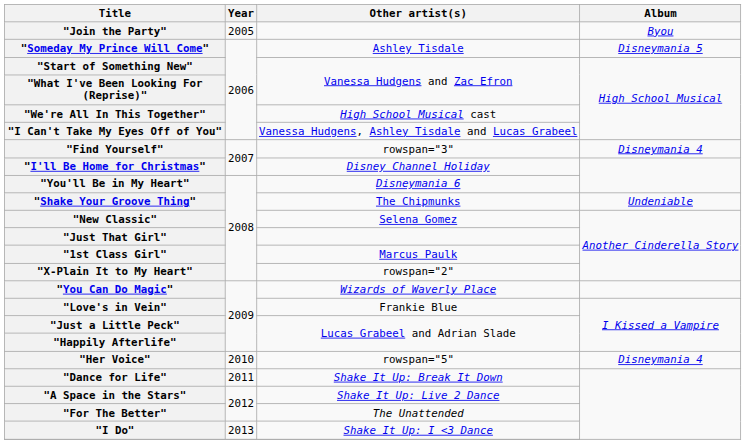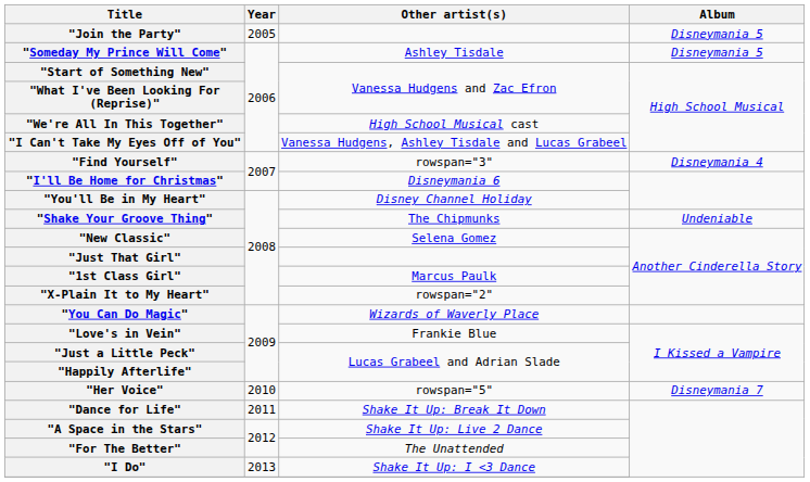 <table class="wikitable plainrowheaders" style="text-align:center;" border="1">
 <tr>
 <th scope="col" style="width:20em;">Title</th>
 <th scope="col">Year</th>
 <th scope="col">Other artist(s)</th>
 <th scope="col">Album</th>
 </tr>
 <tr>
 <th scope="row">"Join the Party"</th>
 <td>2005</td>
 <td></td>
-<td><em><a href='#'>Byou</a></em></td>
+<td><em><a href='#'>Disneymania 5</a></em></td>
 </tr>
 <tr>
 <th scope="row">"<a href='#'>Someday My Prince Will Come</a>"</th>
 <td rowspan="5">2006</td>
 <td><a href='#'>Ashley Tisdale</a></td>
 <td><em><a href='#'>Disneymania 5</a></em></td>
 </tr>
 <tr>
 <th scope="row">"Start of Something New"</th>
 <td rowspan="2"><a href='#'>Vanessa Hudgens</a> and <a href='#'>Zac Efron</a></td>
 <td rowspan="4"><em><a href='#'>High School Musical</a></em></td>
 </tr>
 <tr>
 <th scope="row">"What I've Been Looking For (Reprise)"</th>
 </tr>
 <tr>
 <th scope="row">"We're All In This Together"</th>
 <td><em><a href='#'>High School Musical</a></em> cast</td>
 </tr>
 <tr>
 <th scope="row">"I Can't Take My Eyes Off of You"</th>
 <td><a href='#'>Vanessa Hudgens</a>, <a href='#'>Ashley Tisdale</a> and <a href='#'>Lucas Grabeel</a></td>
 </tr>
 <tr>
 <th scope="row">"Find Yourself"</th>
 <td rowspan="2">2007</td>
 <td>rowspan="3" </td>
 <td><em><a href='#'>Disneymania 4</a></em></td>
 </tr>
 <tr>
 <th scope="row">"<a href='#'>I'll Be Home for Christmas</a>"</th>
-<td><em><a href='#'>Disney Channel Holiday</a></em></td>
+<td><em><a href='#'>Disneymania 6</a></em></td>
 </tr>
 <tr>
 <th scope="row">"You'll Be in My Heart"</th>
 <td rowspan="6">2008</td>
-<td><em><a href='#'>Disneymania 6</a></em></td>
+<td><em><a href='#'>Disney Channel Holiday</a></em></td>
 </tr>
 <tr>
 <th scope="row">"<a href='#'>Shake Your Groove Thing</a>"</th>
 <td><a href='#'>The Chipmunks</a></td>
 <td><em><a href='#'>Undeniable</a></em></td>
 </tr>
 <tr>
 <th scope="row">"New Classic"</th>
 <td><a href='#'>Selena Gomez</a></td>
 <td rowspan="4"><em><a href='#'>Another Cinderella Story</a></em></td>
 </tr>
 <tr>
 <th scope="row">"Just That Girl"</th>
 <td></td>
 </tr>
 <tr>
 <th scope="row">"1st Class Girl"</th>
 <td><a href='#'>Marcus Paulk</a></td>
 </tr>
 <tr>
 <th scope="row">"X-Plain It to My Heart"</th>
 <td>rowspan="2" </td>
 </tr>
 <tr>
 <th scope="row">"<a href='#'>You Can Do Magic</a>"</th>
 <td rowspan="4">2009</td>
 <td><em><a href='#'>Wizards of Waverly Place</a></em></td>
 </tr>
 <tr>
 <th scope="row">"Love's in Vein"</th>
 <td>Frankie Blue</td>
 <td rowspan="3"><em><a href='#'>I Kissed a Vampire</a></em></td>
 </tr>
 <tr>
 <th scope="row">"Just a Little Peck"</th>
 <td rowspan="2"><a href='#'>Lucas Grabeel</a> and Adrian Slade</td>
 </tr>
 <tr>
 <th scope="row">"Happily Afterlife"</th>
 </tr>
 <tr>
 <th scope="row">"Her Voice"</th>
 <td>2010</td>
 <td>rowspan="5" </td>
-<td><em><a href='#'>Disneymania 4</a></em></td>
+<td><em><a href='#'>Disneymania 7</a></em></td>
 </tr>
 <tr>
 <th scope="row">"Dance for Life"</th>
 <td>2011</td>
 <td><em><a href='#'>Shake It Up: Break It Down</a></em></td>
 </tr>
 <tr>
 <th scope="row">"A Space in the Stars"</th>
 <td rowspan="2">2012</td>
 <td><em><a href='#'>Shake It Up: Live 2 Dance</a></em></td>
 </tr>
 <tr>
 <th scope="row">"For The Better"</th>
 <td><em>The Unattended</em></td>
 </tr>
 <tr>
 <th scope="row">"I Do"</th>
 <td>2013</td>
 <td><em><a href='#'>Shake It Up: I <3 Dance</a></em></td>
 </tr>
 <tr>
 </tr>
 </table>
